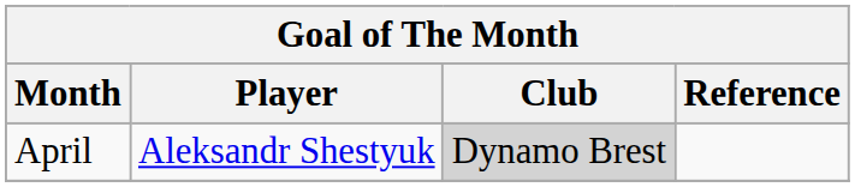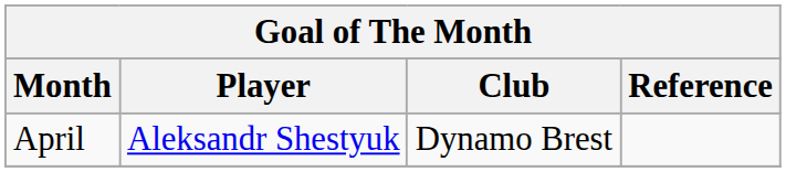 <table class="wikitable collapsible collapsed">
 <tr>
 <th colspan="5">Goal of The Month</th>
 </tr>
 <tr>
 <th>Month</th>
 <th>Player</th>
 <th>Club</th>
 <th>Reference</th>
 </tr>
 <tr>
 <td>April</td>
 <td> <a href='#'>Aleksandr Shestyuk</a></td>
-<td style="background: lightgrey;">Dynamo Brest</td>
+<td>Dynamo Brest</td>
 <td align=center></td>
 </tr>
 <tr>
 </tr>
 </table>
